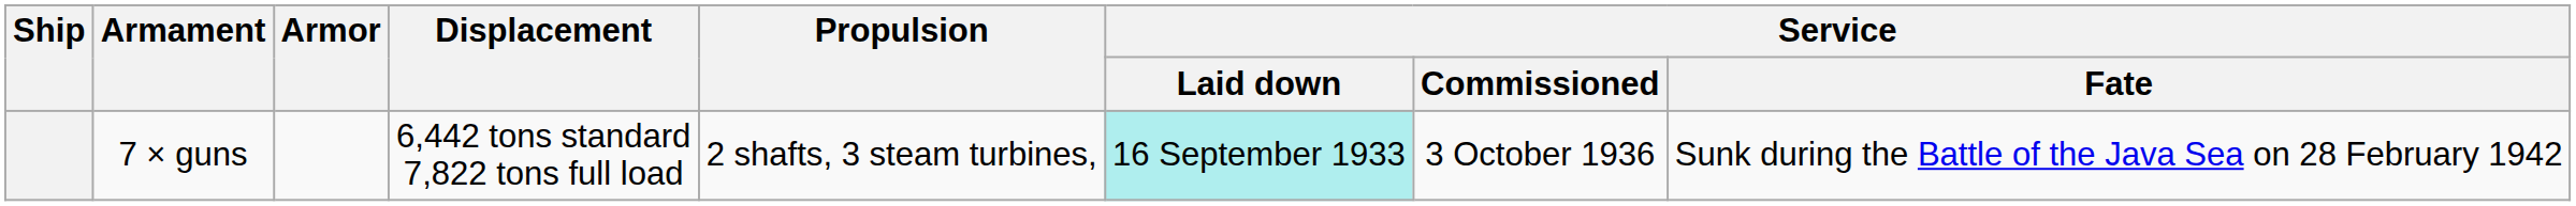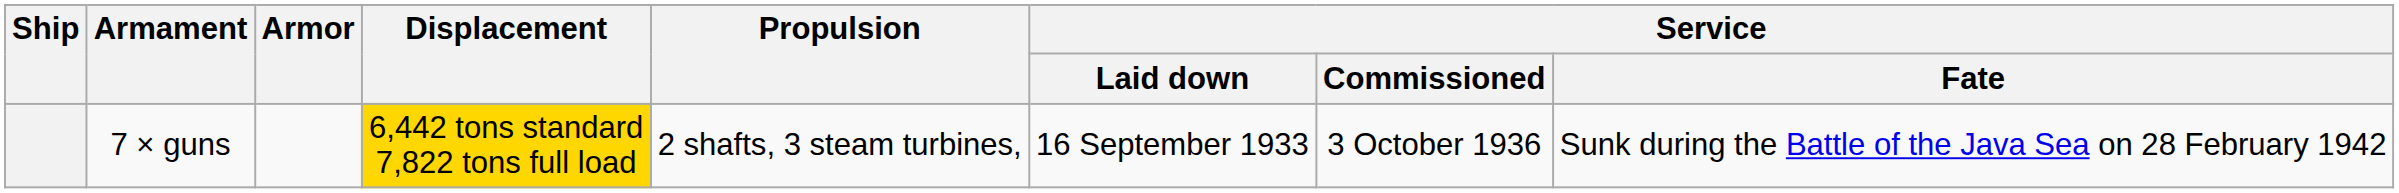 <table class="wikitable plainrowheaders" style="text-align: center;">
 <tr valign="top">
 <th scope="col" rowspan="2">Ship</th>
 <th scope="col" rowspan="2">Armament</th>
 <th scope="col" rowspan="2">Armor</th>
 <th scope="col" rowspan="2">Displacement</th>
 <th scope="col" rowspan="2">Propulsion</th>
 <th scope="col" colspan="3">Service</th>
 </tr>
 <tr valign="top">
 <th scope="col">Laid down</th>
 <th scope="col">Commissioned</th>
 <th scope="col">Fate</th>
 </tr>
 <tr valign="center">
 <th scope="row"></th>
 <td>7 ×  guns</td>
 <td></td>
-<td>6,442 tons standard <br> 7,822 tons full load</td>
+<td style="background: gold;">6,442 tons standard <br> 7,822 tons full load</td>
 <td>2 shafts, 3 steam turbines, </td>
-<td style="background: paleturquoise;">16 September 1933</td>
+<td>16 September 1933</td>
 <td>3 October 1936</td>
 <td>Sunk during the <a href='#'>Battle of the Java Sea</a> on 28 February 1942</td>
 </tr>
 </table>
